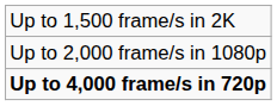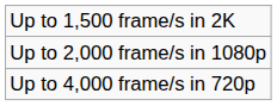 <table class="wikitable">
 <tr>
 <td>Up to 1,500 frame/s in 2K</td>
 </tr>
 <tr>
 <td>Up to 2,000 frame/s in 1080p</td>
 </tr>
 <tr>
-<td><strong>Up to 4,000 frame/s in 720p</strong></td>
+<td>Up to 4,000 frame/s in 720p</td>
 </tr>
 </table>
